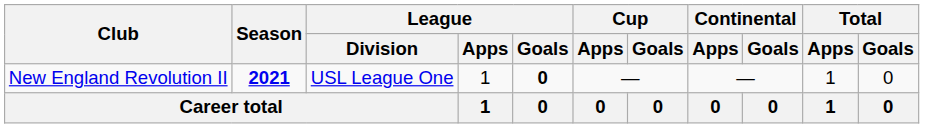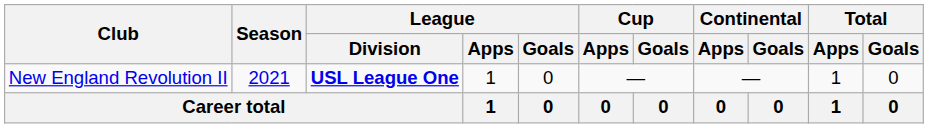 <table class=wikitable style=text-align:center>
 <tr>
 <th rowspan=2>Club</th>
 <th rowspan=2>Season</th>
 <th colspan=3>League</th>
 <th colspan=2>Cup</th>
 <th colspan=2>Continental</th>
 <th colspan=2>Total</th>
 </tr>
 <tr>
 <th>Division</th>
 <th>Apps</th>
 <th>Goals</th>
 <th>Apps</th>
 <th>Goals</th>
 <th>Apps</th>
 <th>Goals</th>
 <th>Apps</th>
 <th>Goals</th>
 </tr>
 <tr>
 <td rowspan=1><a href='#'>New England Revolution II</a></td>
-<td><strong><a href='#'>2021</a></strong></td>
-<td><a href='#'>USL League One</a></td>
+<td><a href='#'>2021</a></td>
+<td><strong><a href='#'>USL League One</a></strong></td>
 <td>1</td>
-<td><strong>0</strong></td>
+<td>0</td>
 <td colspan=2>—</td>
 <td colspan=2>—</td>
 <td>1</td>
 <td>0</td>
 </tr>
 <tr>
 <th colspan=3>Career total</th>
 <th>1</th>
 <th>0</th>
 <th>0</th>
 <th>0</th>
 <th>0</th>
 <th>0</th>
 <th>1</th>
 <th>0</th>
 </tr>
 </table>
